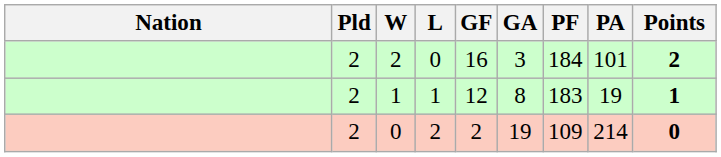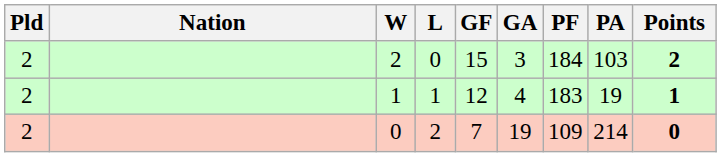 <table class=wikitable style="text-align:center">
 <tr>
+<th width=20>Pld</th>
 <th width=220>Nation</th>
-<th width=20>Pld</th>
 <th width=20>W</th>
 <th width=20>L</th>
 <th width=20>GF</th>
 <th width=20>GA</th>
 <th width=20>PF</th>
 <th width=20>PA</th>
 <th width=50>Points</th>
 </tr>
 <tr bgcolor="#ccffcc">
+<td>2</td>
 <td align=left></td>
 <td>2</td>
-<td>2</td>
 <td>0</td>
-<td>16</td>
+<td>15</td>
 <td>3</td>
 <td>184</td>
-<td>101</td>
+<td>103</td>
 <td><strong>2</strong></td>
 </tr>
 <tr bgcolor="#ccffcc">
+<td>2</td>
 <td align=left></td>
-<td>2</td>
 <td>1</td>
 <td>1</td>
 <td>12</td>
-<td>8</td>
+<td>4</td>
 <td>183</td>
 <td>19</td>
 <td><strong>1</strong></td>
 </tr>
 <tr bgcolor="#fcccc">
+<td>2</td>
 <td align=left></td>
-<td>2</td>
 <td>0</td>
 <td>2</td>
-<td>2</td>
+<td>7</td>
 <td>19</td>
 <td>109</td>
 <td>214</td>
 <td><strong>0</strong></td>
 </tr>
 </table>
